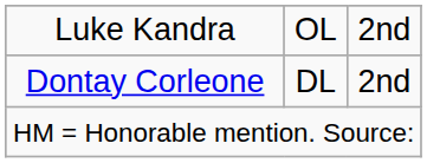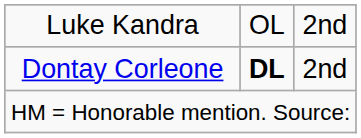 <table class="wikitable sortable sortable" style="text-align: center">
 <tr>
 <td>Luke Kandra</td>
 <td>OL</td>
 <td>2nd</td>
 </tr>
 <tr>
 <td><a href='#'>Dontay Corleone</a></td>
-<td>DL</td>
+<td><strong>DL</strong></td>
 <td>2nd</td>
 </tr>
 <tr>
 <td colspan="3"><small>HM = Honorable mention. Source: </small></td>
 </tr>
 </table>
